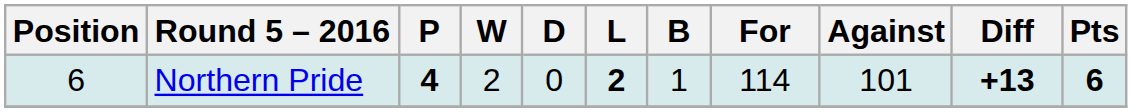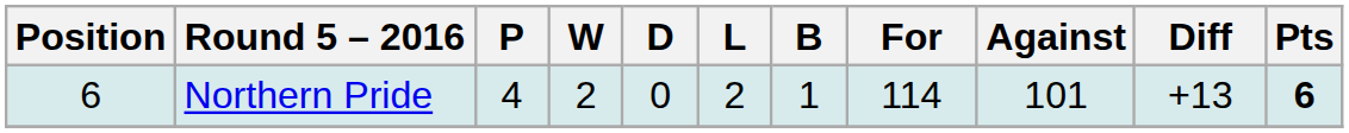 <table class="wikitable" style="text-align:center; font-size:85%;">
 <tr>
 <th width=40 abbr="Position">Position</th>
 <th width=100>Round 5 – 2016</th>
 <th width=20 abbr="Played">P</th>
 <th width=20 abbr="Won">W</th>
 <th width=20 abbr="Drawn">D</th>
 <th width=20 abbr="Lost">L</th>
 <th width=20 abbr="Bye">B</th>
 <th width=40 abbr="Points for">For</th>
 <th width=40 abbr="Points against">Against</th>
 <th width=40 abbr="Points difference">Diff</th>
 <th width=20 abbr="Points">Pts</th>
 </tr>
 <tr style="background: #d7ebed;">
 <td>6</td>
 <td style="text-align:left;"> <a href='#'>Northern Pride</a></td>
-<td><strong>4</strong></td>
+<td>4</td>
 <td>2</td>
 <td>0</td>
-<td><strong>2</strong></td>
+<td>2</td>
 <td>1</td>
 <td>114</td>
 <td>101</td>
-<td><strong>+13</strong></td>
+<td>+13</td>
 <td><strong>6</strong></td>
 </tr>
 <tr>
 </tr>
 </table>
